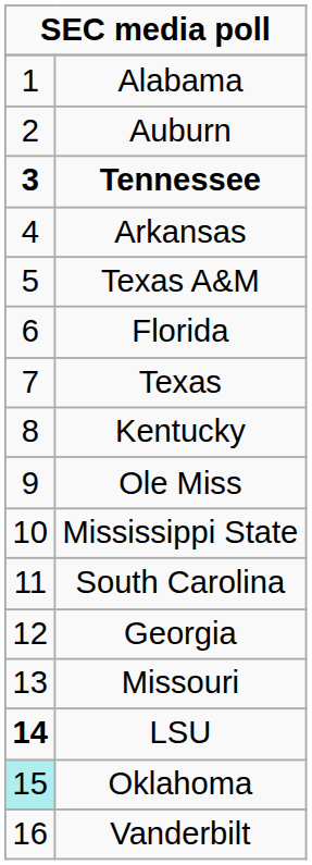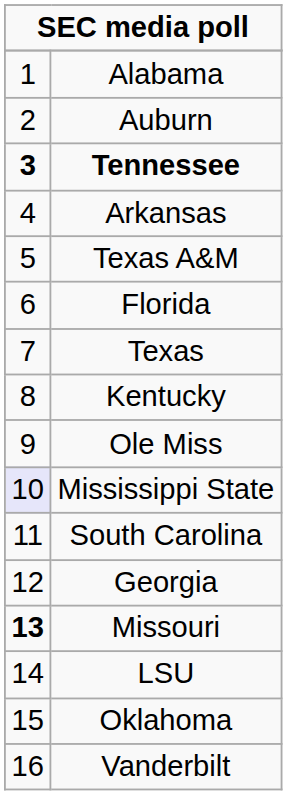 <table class="wikitable" style="display: inline-table;">
 <tr>
 <td align="center" Colspan="3"><strong>SEC media poll</strong></td>
 </tr>
 <tr align="center">
 </tr>
 <tr align="center">
 <td>1</td>
 <td>Alabama</td>
 </tr>
 <tr align="center">
 <td>2</td>
 <td>Auburn</td>
 </tr>
 <tr align="center">
 <td><strong>3</strong></td>
 <td><strong>Tennessee</strong></td>
 </tr>
 <tr align="center">
 <td>4</td>
 <td>Arkansas</td>
 </tr>
 <tr align="center">
 <td>5</td>
 <td>Texas A&M</td>
 </tr>
 <tr align="center">
 <td>6</td>
 <td>Florida</td>
 </tr>
 <tr align="center">
 <td>7</td>
 <td>Texas</td>
 </tr>
 <tr align="center">
 <td>8</td>
 <td>Kentucky</td>
 </tr>
 <tr align="center">
 <td>9</td>
 <td>Ole Miss</td>
 </tr>
 <tr align="center">
-<td>10</td>
+<td style="background: lavender;">10</td>
 <td>Mississippi State</td>
 </tr>
 <tr align="center">
 <td>11</td>
 <td>South Carolina</td>
 </tr>
 <tr align="center">
 <td>12</td>
 <td>Georgia</td>
 </tr>
 <tr align="center">
-<td>13</td>
+<td><strong>13</strong></td>
 <td>Missouri</td>
 </tr>
 <tr align="center">
-<td><strong>14</strong></td>
+<td>14</td>
 <td>LSU</td>
 </tr>
 <tr align="center">
-<td style="background: paleturquoise;">15</td>
+<td>15</td>
 <td>Oklahoma</td>
 </tr>
 <tr align="center">
 <td>16</td>
 <td>Vanderbilt</td>
 </tr>
 </table>
